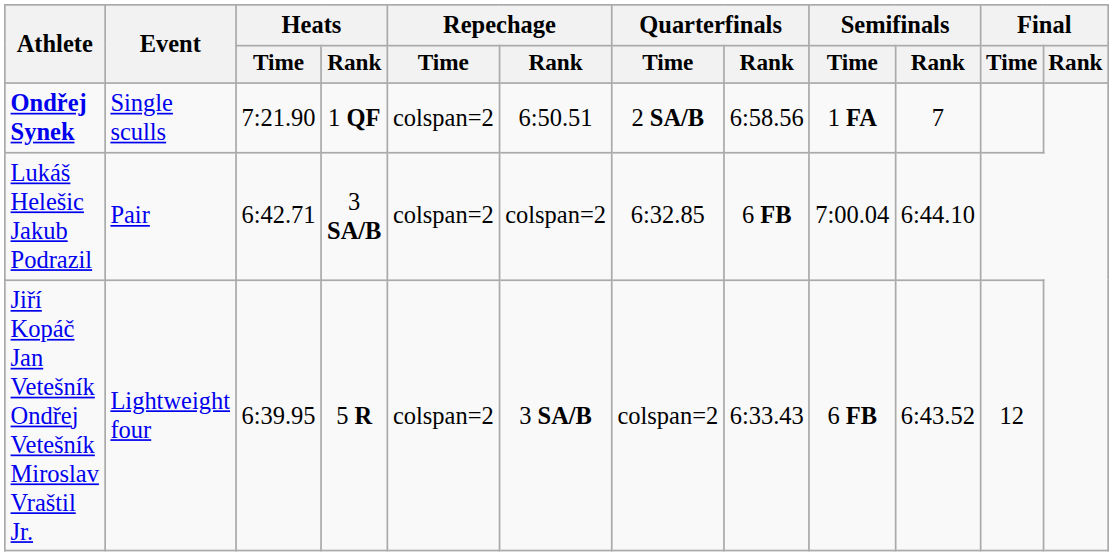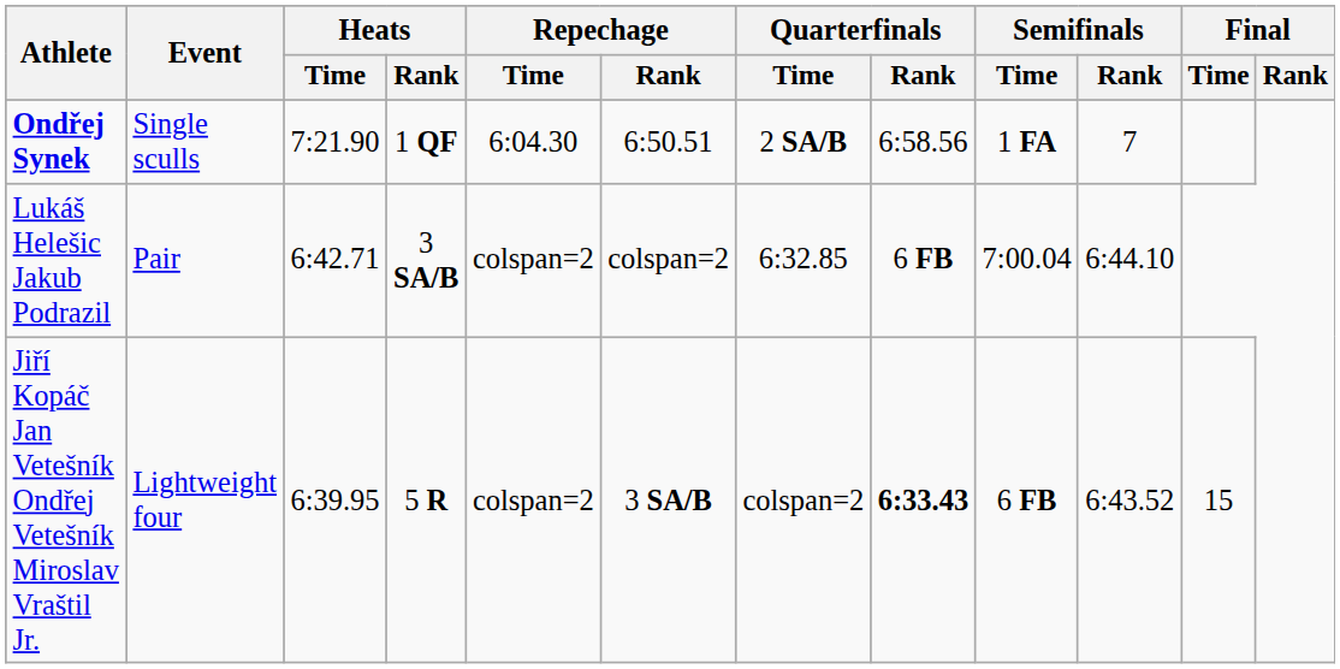 <table class="wikitable" style="font-size:90%">
 <tr>
 <th rowspan="2">Athlete</th>
 <th rowspan="2">Event</th>
 <th colspan="2">Heats</th>
 <th colspan="2">Repechage</th>
 <th colspan="2">Quarterfinals</th>
 <th colspan="2">Semifinals</th>
 <th colspan="2">Final</th>
 </tr>
 <tr style="font-size:95%">
 <th>Time</th>
 <th>Rank</th>
 <th>Time</th>
 <th>Rank</th>
 <th>Time</th>
 <th>Rank</th>
 <th>Time</th>
 <th>Rank</th>
 <th>Time</th>
 <th>Rank</th>
 </tr>
 <tr align=center>
 <td align=left><strong><a href='#'>Ondřej Synek</a></strong></td>
 <td align=left><a href='#'>Single sculls</a></td>
 <td>7:21.90</td>
 <td>1 <strong>QF</strong></td>
-<td>colspan=2 </td>
+<td>6:04.30</td>
 <td>6:50.51</td>
 <td>2 <strong>SA/B</strong></td>
 <td>6:58.56</td>
 <td>1 <strong>FA</strong></td>
 <td>7</td>
 <td></td>
 </tr>
 <tr align=center>
 <td align=left><a href='#'>Lukáš Helešic</a><br><a href='#'>Jakub Podrazil</a></td>
 <td align=left><a href='#'>Pair</a></td>
 <td>6:42.71</td>
 <td>3 <strong>SA/B</strong></td>
 <td>colspan=2 </td>
 <td>colspan=2 </td>
 <td>6:32.85</td>
 <td>6 <strong>FB</strong></td>
 <td>7:00.04</td>
 <td>6:44.10</td>
 </tr>
 <tr align=center>
 <td align=left><a href='#'>Jiří Kopáč</a><br><a href='#'>Jan Vetešník</a><br><a href='#'>Ondřej Vetešník</a><br><a href='#'>Miroslav Vraštil Jr.</a></td>
 <td align=left><a href='#'>Lightweight four</a></td>
 <td>6:39.95</td>
 <td>5 <strong>R</strong></td>
 <td>colspan=2 </td>
 <td>3 <strong>SA/B</strong></td>
 <td>colspan=2 </td>
-<td>6:33.43</td>
+<td><strong>6:33.43</strong></td>
 <td>6 <strong>FB</strong></td>
 <td>6:43.52</td>
-<td>12</td>
+<td>15</td>
 </tr>
 </table>
